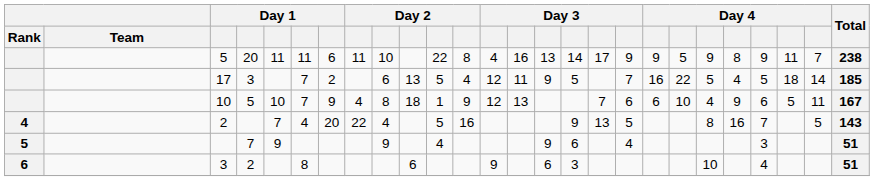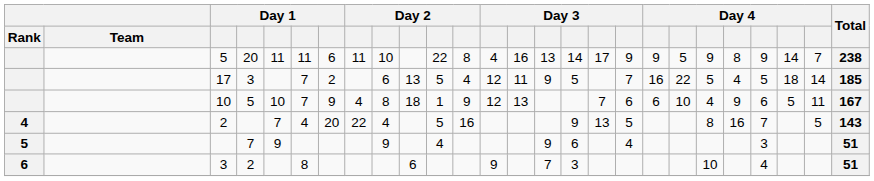 <table class="wikitable" style="text-align:center; font-size:90%;">
 <tr>
 <th colspan=2></th>
 <th colspan=5>Day 1</th>
 <th colspan=5>Day 2</th>
 <th colspan=6>Day 3</th>
 <th colspan=7>Day 4</th>
 <th rowspan=2>Total</th>
 </tr>
 <tr>
 <th>Rank</th>
 <th width=170px>Team</th>
 <th width=22px></th>
 <th width=22px></th>
 <th width=22px></th>
 <th width=22px></th>
 <th width=22px></th>
 <th width=22px></th>
 <th width=22px></th>
 <th width=22px></th>
 <th width=22px></th>
 <th width=22px></th>
 <th width=22px></th>
 <th width=22px></th>
 <th width=22px></th>
 <th width=22px></th>
 <th width=22px></th>
 <th width=22px></th>
 <th width=22px></th>
 <th width=22px></th>
 <th width=22px></th>
 <th width=22px></th>
 <th width=22px></th>
 <th width=22px></th>
 <th width=22px></th>
 </tr>
 <tr>
 <th></th>
 <td align="left"></td>
 <td>5</td>
 <td>20</td>
 <td>11</td>
 <td>11</td>
 <td>6</td>
 <td>11</td>
 <td>10</td>
 <td></td>
 <td>22</td>
 <td>8</td>
 <td>4</td>
 <td>16</td>
 <td>13</td>
 <td>14</td>
 <td>17</td>
 <td>9</td>
 <td>9</td>
 <td>5</td>
 <td>9</td>
 <td>8</td>
 <td>9</td>
-<td>11</td>
+<td>14</td>
 <td>7</td>
 <th>238</th>
 </tr>
 <tr>
 <th></th>
 <td align="left"><strong></strong></td>
 <td>17</td>
 <td>3</td>
 <td></td>
 <td>7</td>
 <td>2</td>
 <td></td>
 <td>6</td>
 <td>13</td>
 <td>5</td>
 <td>4</td>
 <td>12</td>
 <td>11</td>
 <td>9</td>
 <td>5</td>
 <td></td>
 <td>7</td>
 <td>16</td>
 <td>22</td>
 <td>5</td>
 <td>4</td>
 <td>5</td>
 <td>18</td>
 <td>14</td>
 <th>185</th>
 </tr>
 <tr>
 <th></th>
 <td align="left"></td>
 <td>10</td>
 <td>5</td>
 <td>10</td>
 <td>7</td>
 <td>9</td>
 <td>4</td>
 <td>8</td>
 <td>18</td>
 <td>1</td>
 <td>9</td>
 <td>12</td>
 <td>13</td>
 <td></td>
 <td></td>
 <td>7</td>
 <td>6</td>
 <td>6</td>
 <td>10</td>
 <td>4</td>
 <td>9</td>
 <td>6</td>
 <td>5</td>
 <td>11</td>
 <th>167</th>
 </tr>
 <tr>
 <th>4</th>
 <td align="left"></td>
 <td>2</td>
 <td></td>
 <td>7</td>
 <td>4</td>
 <td>20</td>
 <td>22</td>
 <td>4</td>
 <td></td>
 <td>5</td>
 <td>16</td>
 <td></td>
 <td></td>
 <td></td>
 <td>9</td>
 <td>13</td>
 <td>5</td>
 <td></td>
 <td></td>
 <td>8</td>
 <td>16</td>
 <td>7</td>
 <td></td>
 <td>5</td>
 <th>143</th>
 </tr>
 <tr>
 <th>5</th>
 <td align="left"></td>
 <td></td>
 <td>7</td>
 <td>9</td>
 <td></td>
 <td></td>
 <td></td>
 <td>9</td>
 <td></td>
 <td>4</td>
 <td></td>
 <td></td>
 <td></td>
 <td>9</td>
 <td>6</td>
 <td></td>
 <td>4</td>
 <td></td>
 <td></td>
 <td></td>
 <td></td>
 <td>3</td>
 <td></td>
 <td></td>
 <th>51</th>
 </tr>
 <tr>
 <th>6</th>
 <td align="left"></td>
 <td>3</td>
 <td>2</td>
 <td></td>
 <td>8</td>
 <td></td>
 <td></td>
 <td></td>
 <td>6</td>
 <td></td>
 <td></td>
 <td>9</td>
 <td></td>
-<td>6</td>
+<td>7</td>
 <td>3</td>
 <td></td>
 <td></td>
 <td></td>
 <td></td>
 <td>10</td>
 <td></td>
 <td>4</td>
 <td></td>
 <td></td>
 <th>51</th>
 </tr>
 <tr>
 </tr>
 </table>
